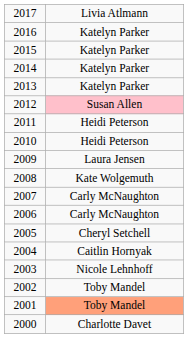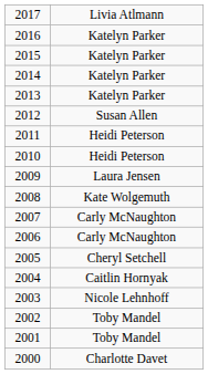 <table class="wikitable" style="width:40%; text-align:center;">
 <tr>
 <td>2017</td>
 <td>Livia Atlmann</td>
 </tr>
 <tr>
 <td>2016</td>
 <td>Katelyn Parker</td>
 </tr>
 <tr>
 <td>2015</td>
 <td>Katelyn Parker</td>
 </tr>
 <tr>
 <td>2014</td>
 <td>Katelyn Parker</td>
 </tr>
 <tr>
 <td>2013</td>
 <td>Katelyn Parker</td>
 </tr>
 <tr>
 <td>2012</td>
-<td style="background: pink;">Susan Allen</td>
+<td>Susan Allen</td>
 </tr>
 <tr>
 <td>2011</td>
 <td>Heidi Peterson</td>
 </tr>
 <tr>
 <td>2010</td>
 <td>Heidi Peterson</td>
 </tr>
 <tr>
 <td>2009</td>
 <td>Laura Jensen</td>
 </tr>
 <tr>
 <td>2008</td>
 <td>Kate Wolgemuth</td>
 </tr>
 <tr>
 <td>2007</td>
 <td>Carly McNaughton</td>
 </tr>
 <tr>
 <td>2006</td>
 <td>Carly McNaughton</td>
 </tr>
 <tr>
 <td>2005</td>
 <td>Cheryl Setchell</td>
 </tr>
 <tr>
 <td>2004</td>
 <td>Caitlin Hornyak</td>
 </tr>
 <tr>
 <td>2003</td>
 <td>Nicole Lehnhoff</td>
 </tr>
 <tr>
 <td>2002</td>
 <td>Toby Mandel</td>
 </tr>
 <tr>
 <td>2001</td>
-<td style="background: lightsalmon;">Toby Mandel</td>
+<td>Toby Mandel</td>
 </tr>
 <tr>
 <td>2000</td>
 <td>Charlotte Davet</td>
 </tr>
 </table>
